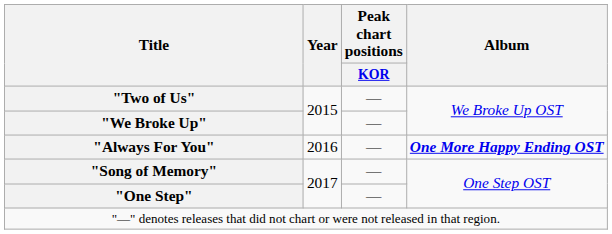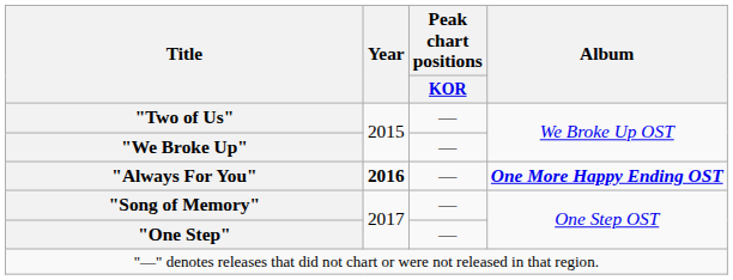 <table class="wikitable plainrowheaders" style="text-align:center">
 <tr>
 <th scope="col" rowspan="2" style="width:19em">Title</th>
 <th scope="col" rowspan="2">Year</th>
 <th scope="col">Peak chart positions</th>
 <th scope="col" rowspan="2">Album</th>
 </tr>
 <tr>
 <th scope="col" style="font-size:90%; width:3em"><a href='#'>KOR</a></th>
 </tr>
 <tr>
 <th scope="row">"Two of Us"<br></th>
 <td rowspan="2">2015</td>
 <td>—</td>
 <td rowspan="2"><em><a href='#'>We Broke Up OST</a></em></td>
 </tr>
 <tr>
 <th scope="row">"We Broke Up"<br></th>
 <td>—</td>
 </tr>
 <tr>
 <th scope="row">"Always For You" </th>
-<td>2016</td>
+<td><strong>2016</strong></td>
 <td>—</td>
 <td><strong><em><a href='#'>One More Happy Ending OST</a></em></strong></td>
 </tr>
 <tr>
 <th scope="row">"Song of Memory"<br></th>
 <td rowspan="2">2017</td>
 <td>—</td>
 <td rowspan="2"><em><a href='#'>One Step OST</a></em></td>
 </tr>
 <tr>
 <th scope="row">"One Step"</th>
 <td>—</td>
 </tr>
 <tr>
 <td colspan="5" style="font-size:85%; text-align:center">"—" denotes releases that did not chart or were not released in that region.</td>
 </tr>
 </table>
